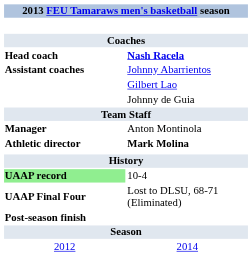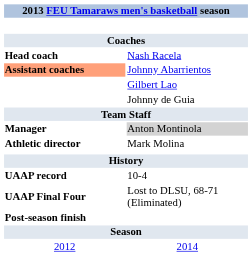 <table class="toccolours" style="float: right; clear: right; margin: 0 0 1em 3em; width: 23em;">
 <tr style="text-align:center;">
 <th colspan="2" style="text-align: center; background-color: LightSteelBlue;"><strong>2013 <a href='#'>FEU Tamaraws men's basketball</a> season</strong></th>
 </tr>
 <tr>
 <td colspan="2" style="text-align: center">  </td>
 </tr>
 <tr>
 <th style="background: #E0E7EF;" colspan="3"><strong>Coaches</strong></th>
 </tr>
 <tr>
 <td><strong>Head coach</strong></td>
-<td><strong><a href='#'>Nash Racela</a></strong></td>
+<td><a href='#'>Nash Racela</a></td>
 </tr>
 <tr>
-<td><strong>Assistant coaches</strong></td>
+<td style="background: lightsalmon;"><strong>Assistant coaches</strong></td>
 <td><a href='#'>Johnny Abarrientos</a></td>
 </tr>
 <tr>
 <td></td>
 <td><a href='#'>Gilbert Lao</a></td>
 </tr>
 <tr>
 <td></td>
 <td>Johnny de Guia</td>
 </tr>
 <tr>
 <th style="background: #E0E7EF;" colspan="3"><strong>Team Staff</strong></th>
 </tr>
 <tr>
 <td><strong>Manager</strong></td>
-<td>Anton Montinola</td>
+<td style="background: lightgrey;">Anton Montinola</td>
 </tr>
 <tr>
 <td><strong>Athletic director</strong></td>
-<td><strong>Mark Molina</strong></td>
+<td>Mark Molina</td>
 </tr>
 <tr>
 <td colspan="3"></td>
 </tr>
 <tr>
 <th style="background: #E0E7EF;" colspan="3">History</th>
 </tr>
 <tr>
-<td style="background: lightgreen;"><strong>UAAP record</strong></td>
+<td><strong>UAAP record</strong></td>
 <td>10-4</td>
 </tr>
 <tr>
 <td><strong>UAAP Final Four</strong></td>
 <td>Lost to DLSU, 68-71 (Eliminated)</td>
 </tr>
 <tr>
 <td><strong>Post-season finish</strong></td>
 <td></td>
 </tr>
 <tr>
 <th style="background: #E0E7EF;" colspan="3">Season</th>
 </tr>
 <tr>
 <td align="center" width=45%><a href='#'>2012</a></td>
 <td align="center" width=45%><a href='#'>2014</a></td>
 </tr>
 </table>
